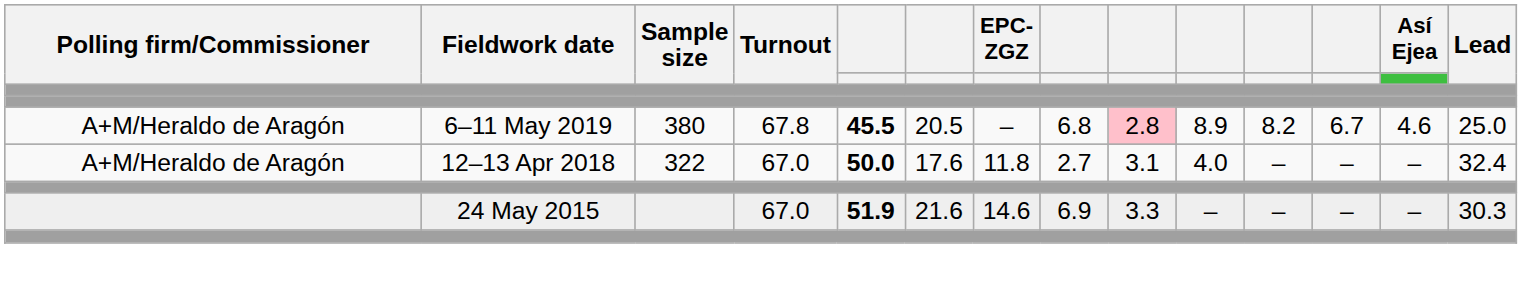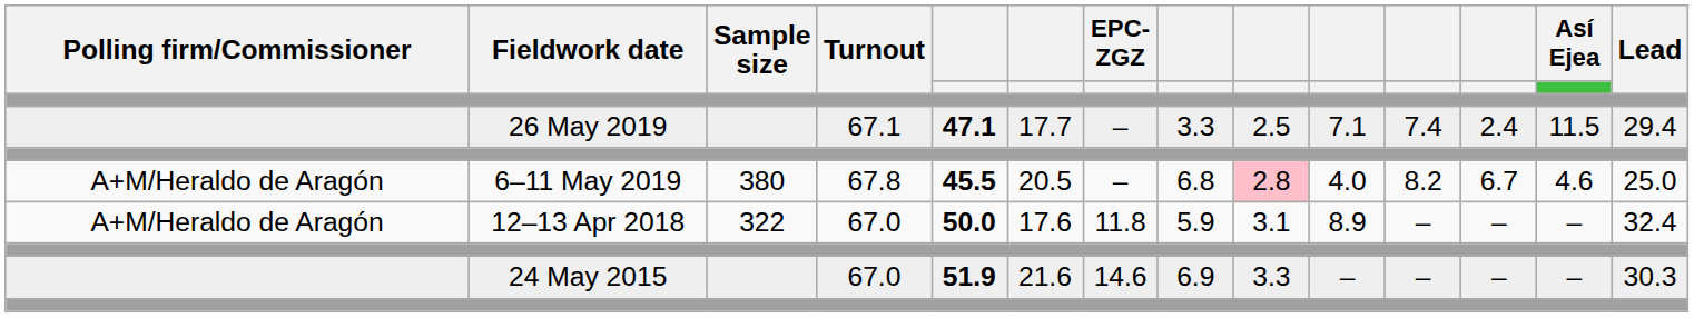 <table class="wikitable collapsible collapsed" style="text-align:center; font-size:95%; line-height:16px;">
 <tr style="height:42px;">
 <th style="width:250px;" rowspan="2">Polling firm/Commissioner</th>
 <th style="width:125px;" rowspan="2">Fieldwork date</th>
 <th style="width:50px;" rowspan="2">Sample size</th>
 <th style="width:45px;" rowspan="2">Turnout</th>
 <th style="width:35px;"></th>
 <th style="width:35px;"></th>
 <th style="width:35px; font-size:90%;">EPC-<br>ZGZ</th>
 <th style="width:35px;"></th>
 <th style="width:35px;"></th>
 <th style="width:35px;"></th>
 <th style="width:35px;"></th>
 <th style="width:35px;"></th>
 <th style="width:35px; font-size:90%;">Así<br>Ejea</th>
 <th style="width:30px;" rowspan="2">Lead</th>
 </tr>
 <tr>
 <th style="color:inherit;background:"></th>
 <th style="color:inherit;background:"></th>
 <th style="color:inherit;background:"></th>
 <th style="color:inherit;background:"></th>
 <th style="color:inherit;background:"></th>
 <th style="color:inherit;background:"></th>
 <th style="color:inherit;background:"></th>
 <th style="color:inherit;background:"></th>
 <th style="color:inherit;background:#3EBF40;"></th>
 </tr>
 <tr>
 <td colspan="14" style="background:#A0A0A0"></td>
 </tr>
+<tr style="background:#EFEFEF;">
+<td><strong></strong></td>
+<td>26 May 2019</td>
+<td></td>
+<td>67.1</td>
+<td><strong>47.1</strong><br></td>
+<td>17.7<br></td>
+<td>–</td>
+<td>3.3<br></td>
+<td>2.5<br></td>
+<td>7.1<br></td>
+<td>7.4<br></td>
+<td>2.4<br></td>
+<td>11.5<br></td>
+<td style="background:">29.4</td>
+</tr>
 <tr>
 <td colspan="14" style="background:#A0A0A0"></td>
 </tr>
 <tr>
 <td>A+M/Heraldo de Aragón</td>
 <td>6–11 May 2019</td>
 <td>380</td>
 <td>67.8</td>
 <td><strong>45.5</strong><br></td>
 <td>20.5<br></td>
 <td>–</td>
 <td>6.8<br></td>
 <td style="background: pink;">2.8<br></td>
-<td>8.9<br></td>
+<td>4.0<br></td>
 <td>8.2<br></td>
 <td>6.7<br></td>
 <td>4.6<br></td>
 <td style="background:">25.0</td>
 </tr>
 <tr>
 <td>A+M/Heraldo de Aragón</td>
 <td>12–13 Apr 2018</td>
 <td>322</td>
 <td>67.0</td>
 <td><strong>50.0</strong><br></td>
 <td>17.6<br></td>
 <td>11.8<br></td>
-<td>2.7<br></td>
+<td>5.9<br></td>
 <td>3.1<br></td>
-<td>4.0<br></td>
+<td>8.9<br></td>
 <td>–</td>
 <td>–</td>
 <td>–</td>
 <td style="background:">32.4</td>
 </tr>
 <tr>
 <td colspan="14" style="background:#A0A0A0"></td>
 </tr>
 <tr style="background:#EFEFEF;">
 <td><strong></strong></td>
 <td>24 May 2015</td>
 <td></td>
 <td>67.0</td>
 <td><strong>51.9</strong><br></td>
 <td>21.6<br></td>
 <td>14.6<br></td>
 <td>6.9<br></td>
 <td>3.3<br></td>
 <td>–</td>
 <td>–</td>
 <td>–</td>
 <td>–</td>
 <td style="background:">30.3</td>
 </tr>
 <tr>
 <td colspan="14" style="background:#A0A0A0"></td>
 </tr>
 </table>
